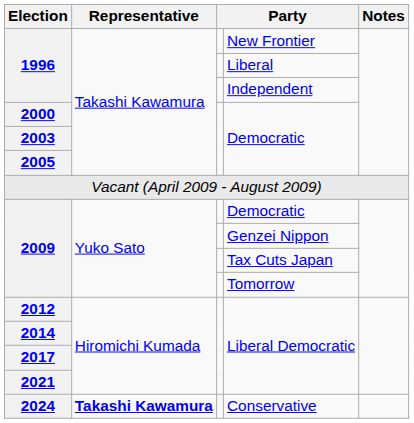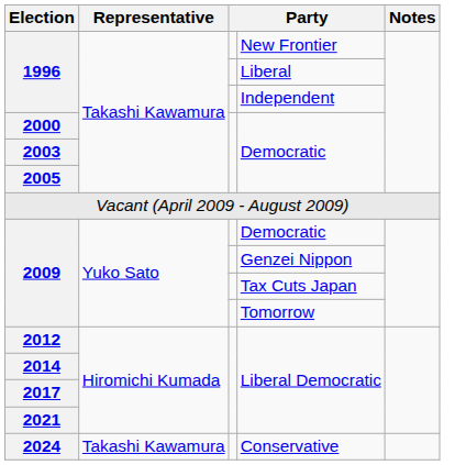 <table class=wikitable>
 <tr valign=bottom>
 <th>Election</th>
 <th>Representative</th>
 <th colspan="2">Party</th>
 <th>Notes</th>
 </tr>
 <tr>
 <th rowspan="3"><a href='#'>1996</a></th>
 <td rowspan="6"><a href='#'>Takashi Kawamura</a></td>
 <td bgcolor=></td>
 <td><a href='#'>New Frontier</a></td>
 <td rowspan="6"></td>
 </tr>
 <tr>
 <td bgcolor=></td>
 <td><a href='#'>Liberal</a></td>
 </tr>
 <tr>
 <td bgcolor=></td>
 <td><a href='#'>Independent</a></td>
 </tr>
 <tr>
 <th><a href='#'>2000</a></th>
 <td rowspan="3" bgcolor=></td>
 <td rowspan="3"><a href='#'>Democratic</a></td>
 </tr>
 <tr>
 <th><a href='#'>2003</a></th>
 </tr>
 <tr>
 <th><a href='#'>2005</a></th>
 </tr>
 <tr>
 <td colspan="5" style="background-color:#E9E9E9" align=center><em>Vacant (April 2009 - August 2009)</em></td>
 </tr>
 <tr>
 <th rowspan="4"><a href='#'>2009</a></th>
 <td rowspan="4"><a href='#'>Yuko Sato</a></td>
 <td bgcolor=></td>
 <td><a href='#'>Democratic</a></td>
 <td rowspan="4"></td>
 </tr>
 <tr>
 <td bgcolor=></td>
 <td><a href='#'>Genzei Nippon</a></td>
 </tr>
 <tr>
 <td bgcolor=></td>
 <td><a href='#'>Tax Cuts Japan</a></td>
 </tr>
 <tr>
 <td bgcolor=></td>
 <td><a href='#'>Tomorrow</a></td>
 </tr>
 <tr>
 <th><a href='#'>2012</a></th>
 <td rowspan="4"><a href='#'>Hiromichi Kumada</a></td>
 <td rowspan="4" bgcolor=></td>
 <td rowspan="4"><a href='#'>Liberal Democratic</a></td>
 <td rowspan="4"></td>
 </tr>
 <tr>
 <th><a href='#'>2014</a></th>
 </tr>
 <tr>
 <th><a href='#'>2017</a></th>
 </tr>
 <tr>
 <th><a href='#'>2021</a></th>
 </tr>
 <tr>
 <th><a href='#'>2024</a></th>
-<td><strong><a href='#'>Takashi Kawamura</a></strong></td>
+<td><a href='#'>Takashi Kawamura</a></td>
 <td bgcolor=></td>
 <td><a href='#'>Conservative</a></td>
 </tr>
 </table>
